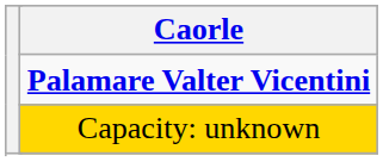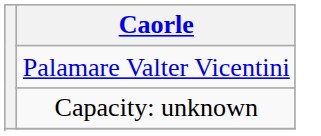 <table class="wikitable" style="text-align:center">
 <tr>
 <th rowspan="8" colspan="2"></th>
 <th><a href='#'>Caorle</a></th>
 </tr>
 <tr>
-<td><strong><a href='#'>Palamare Valter Vicentini</a></strong></td>
+<td><a href='#'>Palamare Valter Vicentini</a></td>
 </tr>
 <tr>
-<td style="background: gold;">Capacity: unknown</td>
+<td>Capacity: unknown</td>
 </tr>
 <tr>
 </tr>
 </table>
